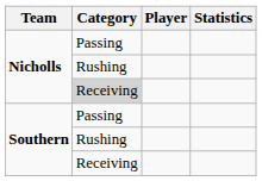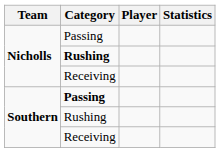 <table class="wikitable" style="float: right;">
 <tr>
 <th>Team</th>
 <th>Category</th>
 <th>Player</th>
 <th>Statistics</th>
 </tr>
 <tr>
 <td rowspan=3><strong>Nicholls</strong></td>
 <td>Passing</td>
 <td></td>
 <td></td>
 </tr>
 <tr>
-<td>Rushing</td>
+<td><strong>Rushing</strong></td>
 <td></td>
 <td></td>
 </tr>
 <tr>
-<td style="background: lightgrey;">Receiving</td>
+<td>Receiving</td>
 <td></td>
 <td></td>
 </tr>
 <tr>
 <td rowspan=3><strong>Southern</strong></td>
-<td>Passing</td>
+<td><strong>Passing</strong></td>
 <td></td>
 <td></td>
 </tr>
 <tr>
 <td>Rushing</td>
 <td></td>
 <td></td>
 </tr>
 <tr>
 <td>Receiving</td>
 <td></td>
 <td></td>
 </tr>
 </table>
